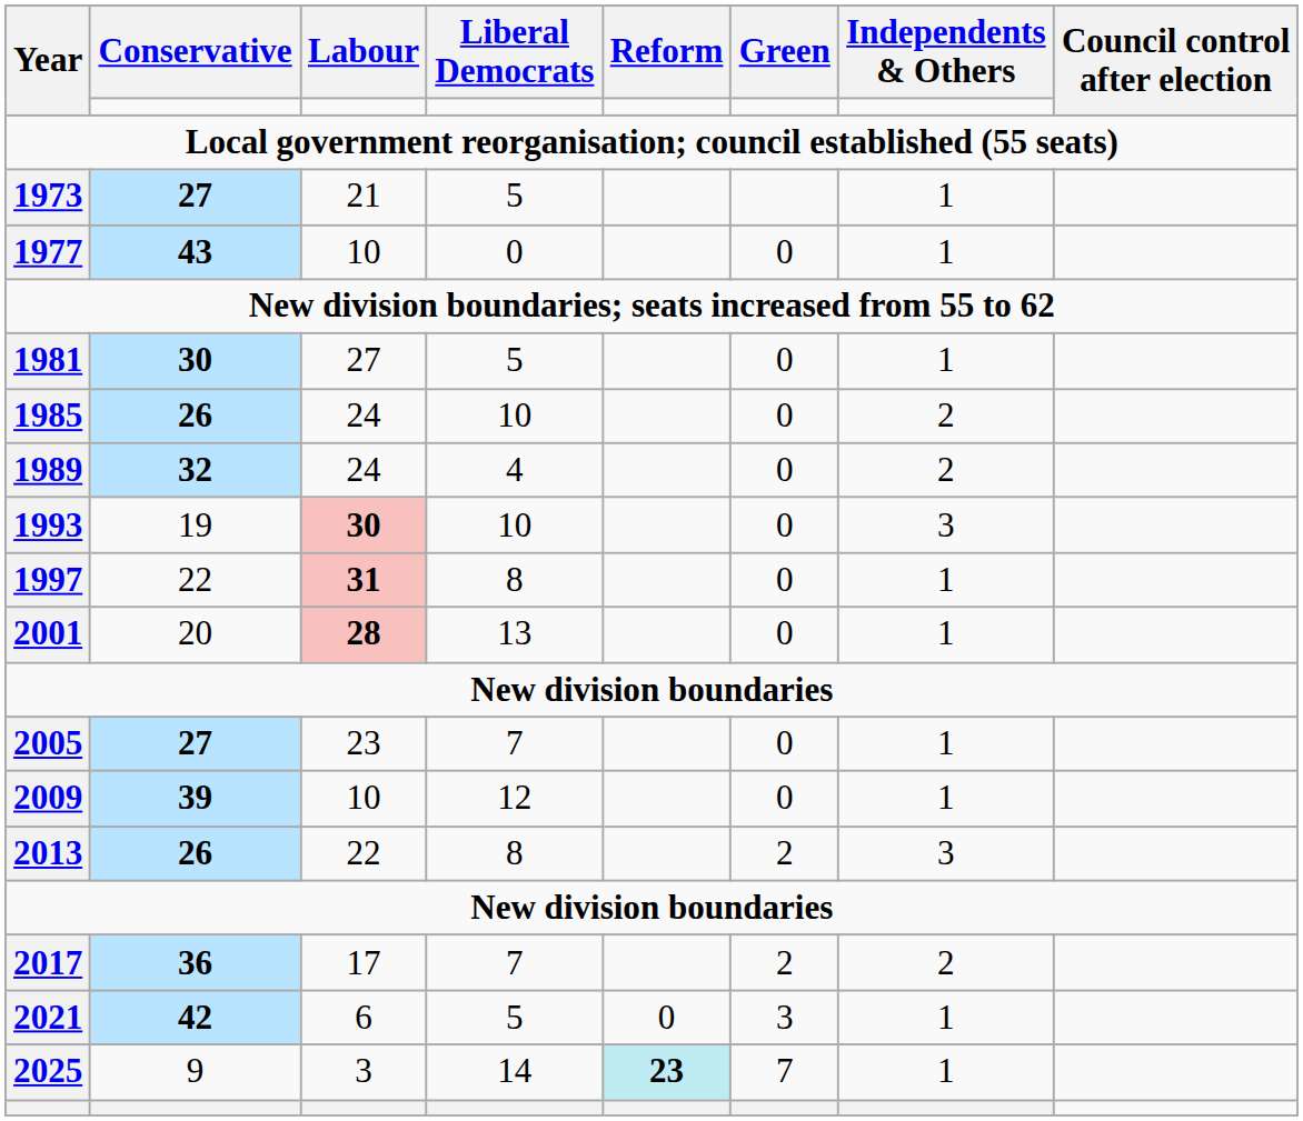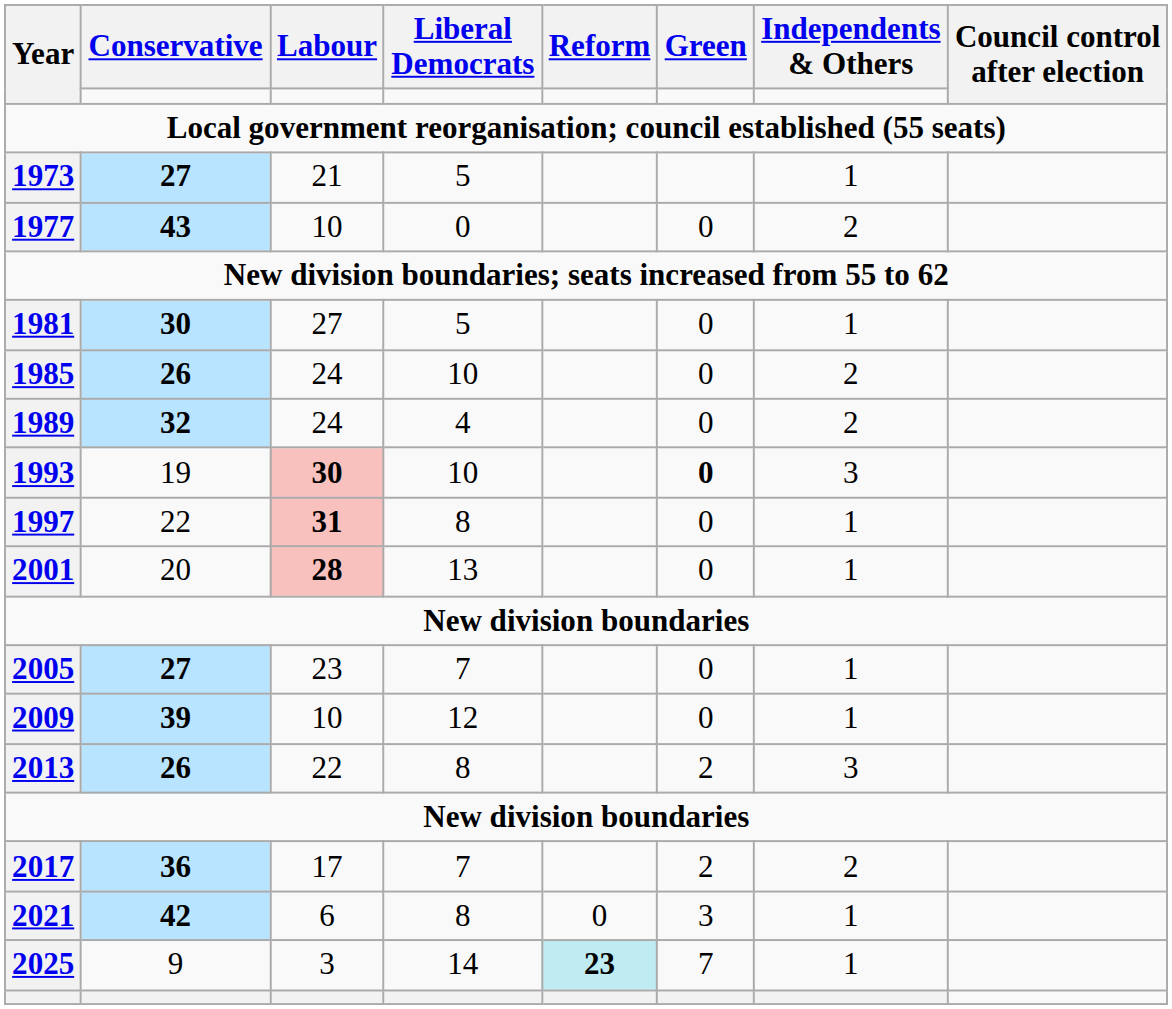 <table class="wikitable plainrowheaders" style="text-align:center">
 <tr>
 <th scope="col" rowspan="2">Year</th>
 <th scope="col"><a href='#'>Conservative</a></th>
 <th scope="col"><a href='#'>Labour</a></th>
 <th scope="col" style="width:1px"><a href='#'>Liberal Democrats</a></th>
 <th scope="col"><a href='#'>Reform</a></th>
 <th scope="col"><a href='#'>Green</a></th>
 <th scope="col"><a href='#'>Independents</a><br>& Others</th>
 <th scope="col" rowspan="2" colspan="2">Council control<br>after election</th>
 </tr>
 <tr>
 <td style="background:"></td>
 <td style="background:"></td>
 <td style="background:"></td>
 <td style="background:"></td>
 <td style="background:"></td>
 <td style="background:"></td>
 </tr>
 <tr>
 <td colspan="9"><strong>Local government reorganisation; council established (55 seats)</strong></td>
 </tr>
 <tr>
 <th scope="row"><a href='#'>1973</a></th>
 <td style="background:#B9E4FF;"><strong>27</strong></td>
 <td>21</td>
 <td>5</td>
 <td></td>
 <td></td>
 <td>1</td>
 <td></td>
 </tr>
 <tr>
 <th scope="row"><a href='#'>1977</a></th>
 <td style="background:#B9E4FF;"><strong>43</strong></td>
 <td>10</td>
 <td>0</td>
 <td></td>
 <td>0</td>
-<td>1</td>
+<td>2</td>
 <td></td>
 </tr>
 <tr>
 <td colspan="9"><strong>New division boundaries; seats increased from 55 to 62</strong></td>
 </tr>
 <tr>
 <th scope="row"><a href='#'>1981</a></th>
 <td style="background:#B9E4FF;"><strong>30</strong></td>
 <td>27</td>
 <td>5</td>
 <td></td>
 <td>0</td>
 <td>1</td>
 <td></td>
 </tr>
 <tr>
 <th scope="row"><a href='#'>1985</a></th>
 <td style="background:#B9E4FF;"><strong>26</strong></td>
 <td>24</td>
 <td>10</td>
 <td></td>
 <td>0</td>
 <td>2</td>
 <td></td>
 </tr>
 <tr>
 <th scope="row"><a href='#'>1989</a></th>
 <td style="background:#B9E4FF;"><strong>32</strong></td>
 <td>24</td>
 <td>4</td>
 <td></td>
 <td>0</td>
 <td>2</td>
 <td></td>
 </tr>
 <tr>
 <th scope="row"><a href='#'>1993</a></th>
 <td>19</td>
 <td style="background:#F8C1BE;"><strong>30</strong></td>
 <td>10</td>
 <td></td>
-<td>0</td>
+<td><strong>0</strong></td>
 <td>3</td>
 <td></td>
 </tr>
 <tr>
 <th scope="row"><a href='#'>1997</a></th>
 <td>22</td>
 <td style="background:#F8C1BE;"><strong>31</strong></td>
 <td>8</td>
 <td></td>
 <td>0</td>
 <td>1</td>
 <td></td>
 </tr>
 <tr>
 <th scope="row"><a href='#'>2001</a></th>
 <td>20</td>
 <td style="background:#F8C1BE;"><strong>28</strong></td>
 <td>13</td>
 <td></td>
 <td>0</td>
 <td>1</td>
 <td></td>
 </tr>
 <tr>
 <td colspan="9"><strong>New division boundaries</strong></td>
 </tr>
 <tr>
 <th scope="row"><a href='#'>2005</a></th>
 <td style="background:#B9E4FF;"><strong>27</strong></td>
 <td>23</td>
 <td>7</td>
 <td></td>
 <td>0</td>
 <td>1</td>
 <td></td>
 </tr>
 <tr>
 <th scope="row"><a href='#'>2009</a></th>
 <td style="background:#B9E4FF;"><strong>39</strong></td>
 <td>10</td>
 <td>12</td>
 <td></td>
 <td>0</td>
 <td>1</td>
 <td></td>
 </tr>
 <tr>
 <th scope="row"><a href='#'>2013</a></th>
 <td style="background:#B9E4FF;"><strong>26</strong></td>
 <td>22</td>
 <td>8</td>
 <td></td>
 <td>2</td>
 <td>3</td>
 <td></td>
 </tr>
 <tr>
 <td colspan="9"><strong>New division boundaries</strong></td>
 </tr>
 <tr>
 <th scope="row"><a href='#'>2017</a></th>
 <td style="background:#B9E4FF;"><strong>36</strong></td>
 <td>17</td>
 <td>7</td>
 <td></td>
 <td>2</td>
 <td>2</td>
 <td></td>
 </tr>
 <tr>
 <th scope="row"><a href='#'>2021</a></th>
 <td style="background:#B9E4FF;"><strong>42</strong></td>
 <td>6</td>
-<td>5</td>
+<td>8</td>
 <td>0</td>
 <td>3</td>
 <td>1</td>
 <td></td>
 </tr>
 <tr>
 <th scope="row"><a href='#'>2025</a></th>
 <td>9</td>
 <td>3</td>
 <td>14</td>
 <td style="background:#BFEBF2;"><strong>23</strong></td>
 <td>7</td>
 <td>1</td>
 <td></td>
 </tr>
 <tr>
 <th></th>
 <th style="background-color: "></th>
 <th style="background-color: "></th>
 <th style="background-color: "></th>
 <th style="background-color: "></th>
 <th style="background-color: "></th>
 <th style="background-color: "></th>
 </tr>
 </table>
